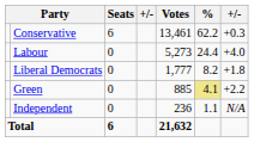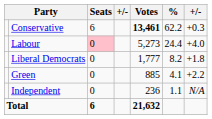 <table class="wikitable sortable">
 <tr>
 <th colspan="2">Party</th>
 <th>Seats</th>
 <th>+/-</th>
 <th>Votes</th>
 <th>%</th>
 <th>+/-</th>
 </tr>
 <tr>
 <td style="background-color: "></td>
 <td><a href='#'>Conservative</a></td>
 <td>6</td>
 <td></td>
-<td style="text-align:right;">13,461</td>
+<td style="text-align:right;"><strong>13,461</strong></td>
 <td style="text-align:right;">62.2</td>
 <td style="text-align:right;">+0.3</td>
 </tr>
 <tr>
 <td style="background-color: "></td>
 <td><a href='#'>Labour</a></td>
-<td>0</td>
+<td style="background: pink;">0</td>
 <td></td>
 <td style="text-align:right;">5,273</td>
 <td style="text-align:right;">24.4</td>
 <td style="text-align:right;">+4.0</td>
 </tr>
 <tr>
 <td style="background-color: "></td>
 <td><a href='#'>Liberal Democrats</a></td>
 <td>0</td>
 <td></td>
 <td style="text-align:right;">1,777</td>
 <td style="text-align:right;">8.2</td>
 <td style="text-align:right;">+1.8</td>
 </tr>
 <tr>
 <td style="background-color: "></td>
 <td><a href='#'>Green</a></td>
 <td>0</td>
 <td></td>
 <td style="text-align:right;">885</td>
-<td style="background: khaki; text-align:right;">4.1</td>
+<td style="text-align:right;">4.1</td>
 <td style="text-align:right;">+2.2</td>
 </tr>
 <tr>
 <td style="background-color: "></td>
 <td><a href='#'>Independent</a></td>
 <td>0</td>
 <td></td>
 <td style="text-align:right;">236</td>
 <td style="text-align:right;">1.1</td>
 <td style="text-align:right;"><em>N/A</em></td>
 </tr>
 <tr>
 <td colspan="2"><strong>Total</strong></td>
 <td><strong>6</strong></td>
 <td></td>
 <td style="text-align:right;"><strong>21,632</strong></td>
 <td style="text-align:right;"></td>
 <td style="text-align:right;"></td>
 </tr>
 </table>
